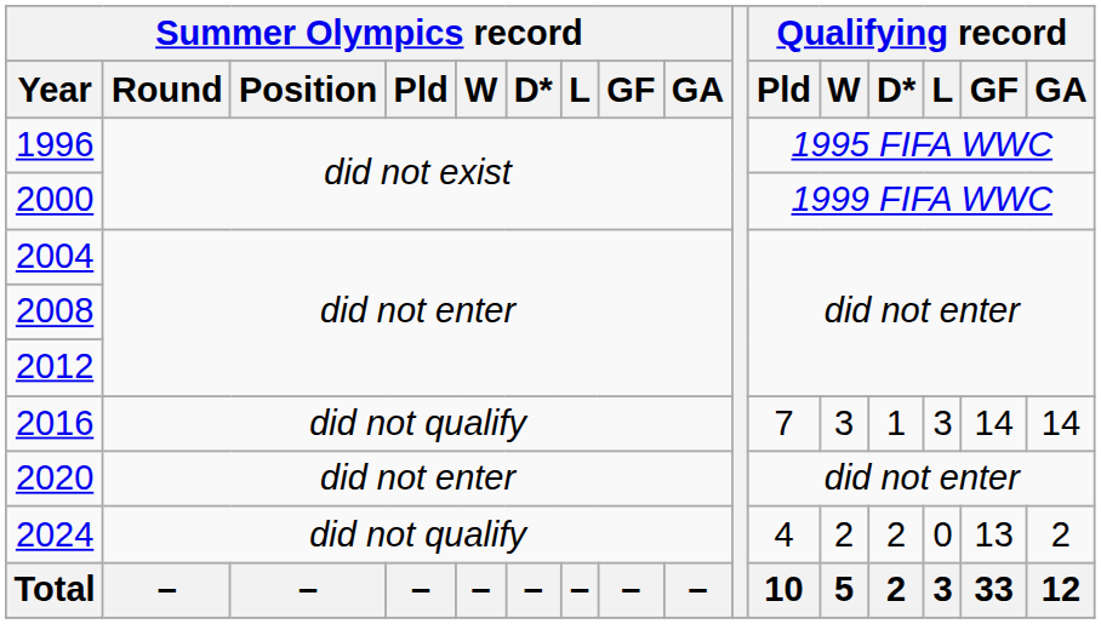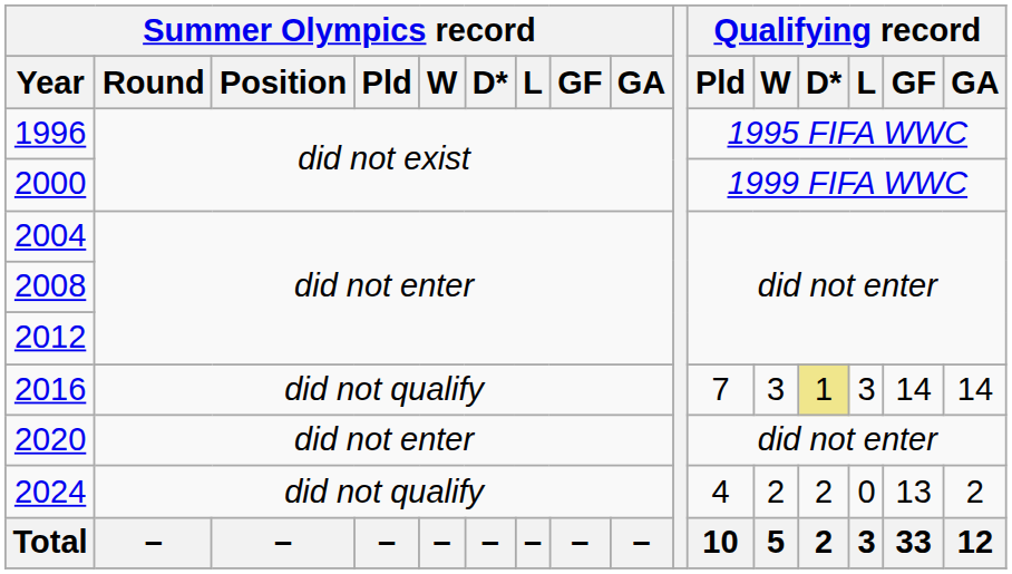 <table class="wikitable" style="text-align: center;">
 <tr>
 <th colspan=9><a href='#'>Summer Olympics</a> record</th>
 <th rowspan=12></th>
 <th colspan=6><a href='#'>Qualifying</a> record</th>
 </tr>
 <tr>
 <th>Year</th>
 <th>Round</th>
 <th>Position</th>
 <th>Pld</th>
 <th>W</th>
 <th>D*</th>
 <th>L</th>
 <th>GF</th>
 <th>GA</th>
 <th>Pld</th>
 <th>W</th>
 <th>D*</th>
 <th>L</th>
 <th>GF</th>
 <th>GA</th>
 </tr>
 <tr>
 <td> <a href='#'>1996</a></td>
 <td colspan=8 rowspan=2><em>did not exist</em></td>
 <td colspan=6><em><a href='#'>1995 FIFA WWC</a></em></td>
 </tr>
 <tr>
 <td> <a href='#'>2000</a></td>
 <td colspan=6><em><a href='#'>1999 FIFA WWC</a></em></td>
 </tr>
 <tr>
 <td> <a href='#'>2004</a></td>
 <td colspan=8 rowspan=3><em>did not enter</em></td>
 <td colspan=6 rowspan=3><em>did not enter</em></td>
 </tr>
 <tr>
 <td> <a href='#'>2008</a></td>
 </tr>
 <tr>
 <td> <a href='#'>2012</a></td>
 </tr>
 <tr>
 <td> <a href='#'>2016</a></td>
 <td colspan=8><em>did not qualify</em></td>
 <td>7</td>
 <td>3</td>
-<td>1</td>
+<td style="background: khaki;">1</td>
 <td>3</td>
 <td>14</td>
 <td>14</td>
 </tr>
 <tr>
 <td> <a href='#'>2020</a></td>
 <td colspan=8><em>did not enter</em></td>
 <td colspan=6><em>did not enter</em></td>
 </tr>
 <tr>
 <td> <a href='#'>2024</a></td>
 <td colspan=8><em>did not qualify</em></td>
 <td>4</td>
 <td>2</td>
 <td>2</td>
 <td>0</td>
 <td>13</td>
 <td>2</td>
 </tr>
 <tr>
 <th>Total</th>
 <th>–</th>
 <th>–</th>
 <th>–</th>
 <th>–</th>
 <th>–</th>
 <th>–</th>
 <th>–</th>
 <th>–</th>
 <th>10</th>
 <th>5</th>
 <th>2</th>
 <th>3</th>
 <th>33</th>
 <th>12</th>
 </tr>
 </table>
